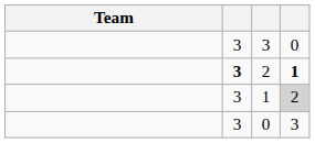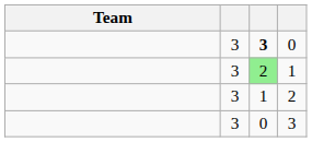 <table class=wikitable style="text-align:center">
 <tr>
 <th width=200>Team</th>
 <th width=20></th>
 <th width=20></th>
 <th width=20></th>
 </tr>
 <tr>
 <td style="text-align:left"></td>
 <td>3</td>
-<td>3</td>
+<td><strong>3</strong></td>
 <td>0</td>
 </tr>
 <tr>
 <td style="text-align:left"></td>
-<td><strong>3</strong></td>
-<td>2</td>
-<td><strong>1</strong></td>
+<td>3</td>
+<td style="background: lightgreen;">2</td>
+<td>1</td>
 </tr>
 <tr>
 <td style="text-align:left"></td>
 <td>3</td>
 <td>1</td>
-<td style="background: lightgrey;">2</td>
+<td>2</td>
 </tr>
 <tr>
 <td style="text-align:left"></td>
 <td>3</td>
 <td>0</td>
 <td>3</td>
 </tr>
 </table>
